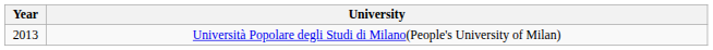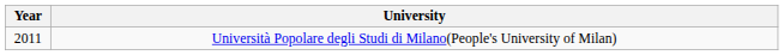 <table class="wikitable" style="width:100%;">
 <tr>
 <th width=5%>Year</th>
 <th width=80%>University</th>
 </tr>
 <tr>
-<td style="text-align:center;">2013</td>
+<td style="text-align:center;">2011</td>
 <td style="text-align:center;"><a href='#'>Università Popolare degli Studi di Milano</a>(People's University of Milan)</td>
 </tr>
 </table>
